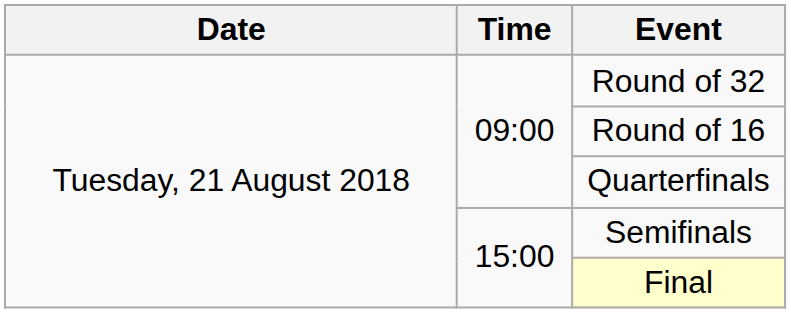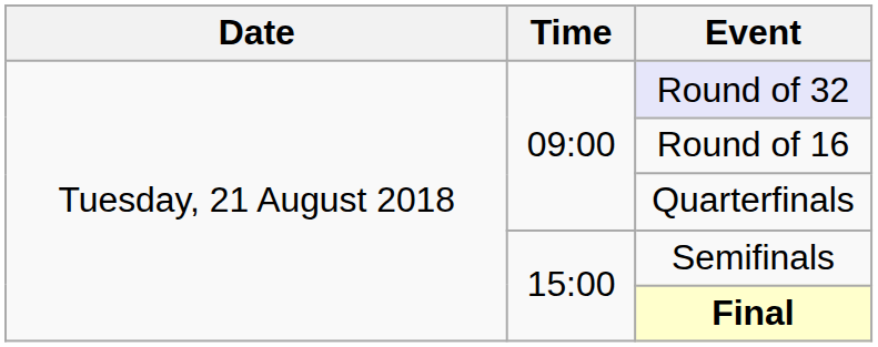 <table class = "wikitable" style="text-align:center;">
 <tr>
 <th width=220>Date</th>
 <th width=50>Time</th>
 <th width=100>Event</th>
 </tr>
 <tr>
 <td rowspan=5>Tuesday, 21 August 2018</td>
 <td rowspan=3>09:00</td>
-<td>Round of 32</td>
+<td style="background: lavender;">Round of 32</td>
 </tr>
 <tr>
 <td>Round of 16</td>
 </tr>
 <tr>
 <td>Quarterfinals</td>
 </tr>
 <tr>
 <td rowspan=2>15:00</td>
 <td>Semifinals</td>
 </tr>
 <tr>
-<td bgcolor=ffffcc>Final</td>
+<td bgcolor=ffffcc><strong>Final</strong></td>
 </tr>
 </table>
